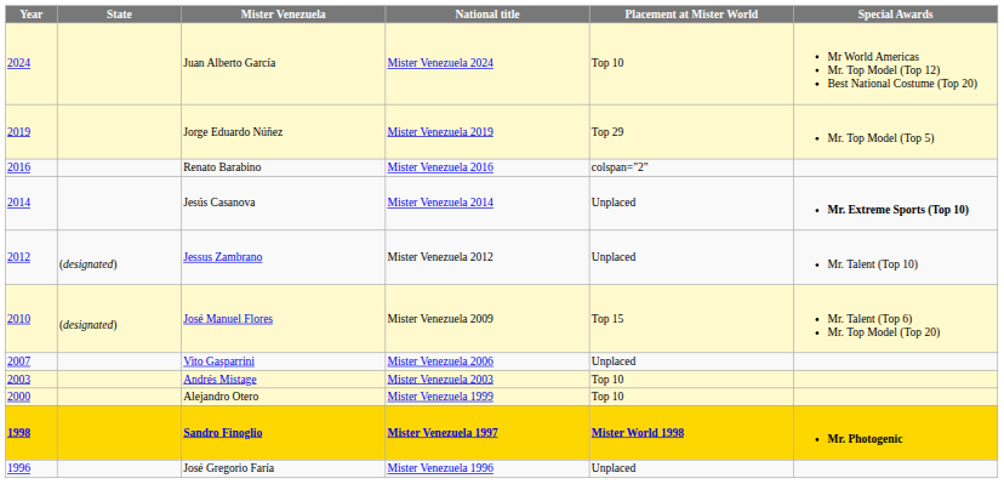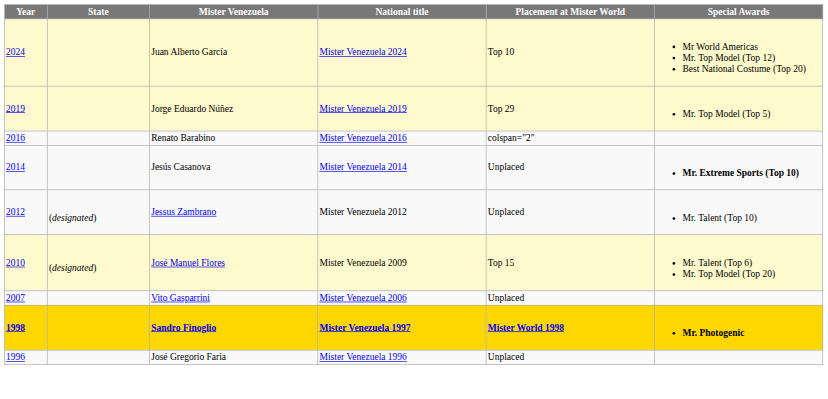 <table class="sortable" border="5" cellpadding="2" cellspacing="0" align=" 0 1em 0 0" style="background: #f9f9f9; border: 1px #aaa solid; border-collapse: collapse; font-size: 90%">
 <tr>
 <th width="60" style="background-color:#787878;color:#FFFFFF;">Year</th>
 <th width="150" style="background-color:#787878;color:#FFFFFF;">State</th>
 <th width="250" style="background-color:#787878;color:#FFFFFF;">Mister Venezuela</th>
 <th width="250" style="background-color:#787878;color:#FFFFFF;">National title</th>
 <th width="250" style="background-color:#787878;color:#FFFFFF;">Placement at Mister World</th>
 <th width="250" style="background-color:#787878;color:#FFFFFF;">Special Awards</th>
 </tr>
 <tr bgcolor="#FFFACD">
 <td><a href='#'>2024</a></td>
 <td></td>
 <td>Juan Alberto García</td>
 <td><a href='#'>Mister Venezuela 2024</a></td>
 <td>Top 10</td>
 <td><br><ul><li>Mr World Americas</li><li>Mr. Top Model (Top 12)</li><li>Best National Costume (Top 20)</li></ul></td>
 </tr>
 <tr bgcolor="#FFFACD">
 <td><a href='#'>2019</a></td>
 <td></td>
 <td>Jorge Eduardo Núñez</td>
 <td><a href='#'>Mister Venezuela 2019</a></td>
 <td>Top 29</td>
 <td><br><ul><li>Mr. Top Model (Top 5)</li></ul></td>
 </tr>
 <tr>
 <td><a href='#'>2016</a></td>
 <td></td>
 <td>Renato Barabino</td>
 <td><a href='#'>Mister Venezuela 2016</a></td>
 <td>colspan="2" </td>
 </tr>
 <tr>
 <td><a href='#'>2014</a></td>
 <td></td>
 <td>Jesús Casanova</td>
 <td><a href='#'>Mister Venezuela 2014</a></td>
 <td>Unplaced</td>
 <td><strong><br><ul><li>Mr. Extreme Sports (Top 10)</li></ul></strong></td>
 </tr>
 <tr>
 <td><a href='#'>2012</a></td>
 <td><br>(<em>designated</em>)</td>
 <td><a href='#'>Jessus Zambrano</a></td>
 <td>Mister Venezuela 2012</td>
 <td>Unplaced</td>
 <td><br><ul><li>Mr. Talent (Top 10)</li></ul></td>
 </tr>
 <tr bgcolor="#FFFACD">
 <td><a href='#'>2010</a></td>
 <td><br>(<em>designated</em>)</td>
 <td><a href='#'>José Manuel Flores</a></td>
 <td>Mister Venezuela 2009</td>
 <td>Top 15</td>
 <td><br><ul><li>Mr. Talent (Top 6)</li><li>Mr. Top Model (Top 20)</li></ul></td>
 </tr>
 <tr>
 <td><a href='#'>2007</a></td>
 <td></td>
 <td><a href='#'>Vito Gasparrini</a></td>
 <td><a href='#'>Mister Venezuela 2006</a></td>
 <td>Unplaced</td>
 <td></td>
 </tr>
-<tr bgcolor="#FFFACD">
-<td><a href='#'>2003</a></td>
-<td></td>
-<td><a href='#'>Andrés Mistage</a></td>
-<td><a href='#'>Mister Venezuela 2003</a></td>
-<td>Top 10</td>
-<td></td>
-</tr>
-<tr bgcolor="#FFFACD">
-<td><a href='#'>2000</a></td>
-<td></td>
-<td>Alejandro Otero</td>
-<td><a href='#'>Mister Venezuela 1999</a></td>
-<td>Top 10</td>
-<td></td>
-</tr>
 <tr style="background-color:gold; font-weight: bold ">
 <td><a href='#'>1998</a></td>
 <td></td>
 <td><a href='#'>Sandro Finoglio</a></td>
 <td><a href='#'>Mister Venezuela 1997</a></td>
 <td><a href='#'>Mister World 1998</a></td>
 <td><br><ul><li>Mr. Photogenic</li></ul></td>
 </tr>
 <tr>
 <td><a href='#'>1996</a></td>
 <td></td>
 <td>José Gregorio Faría</td>
 <td><a href='#'>Mister Venezuela 1996</a></td>
 <td>Unplaced</td>
 <td></td>
 </tr>
 </table>
